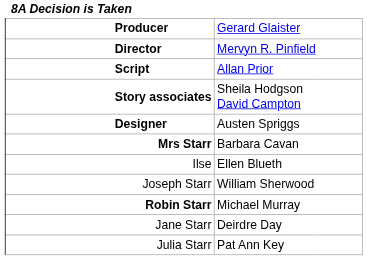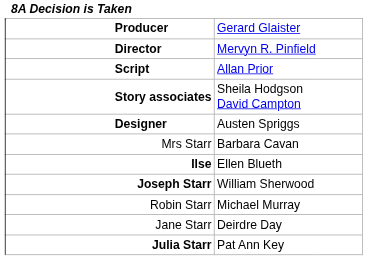 <table class="wikitable mw-collapsible mw-collapsed" style="vertical-align:top;margin:auto 2em;line-height:1.2;min-width:33em;display: inline-table;background-color:inherit;border:none;">
 <tr>
 <td class=unsortable style="border:hidden;line-height:1.67;text-align:center;margin-left:-1em;padding-left:0.5em;min-width:1.0em;"></td>
 <td class=unsortable style="border:none;padding-left:0.5em;text-align:left;min-width:16.5em;font-weight:700;font-style:italic;">8A Decision is Taken</td>
 <td class=unsortable style="border:none;text-align:right;font-weight:normal;font-family:Courier;font-size:95%;letter-spacing:-1pt;min-width:8.5em;padding-right:0.2em;"></td>
 <td class=unsortable style="border:hidden;min-width:3.5em;padding-left:0;"></td>
 <td class=unsortable style="border:hidden;min-width:3.5em;font-size:95%;"></td>
 </tr>
 <tr>
 <td rowspan=100 style="border:none thin;border-right-style :solid;"></td>
 </tr>
 <tr>
 <td style="text-align:left;padding-left:9.0em;font-weight:bold;">Producer</td>
 <td colspan=2><a href='#'>Gerard Glaister</a></td>
 </tr>
 <tr>
 <td style="text-align:left;padding-left:9.0em;font-weight:bold;">Director</td>
 <td colspan=2><a href='#'>Mervyn R. Pinfield</a></td>
 </tr>
 <tr>
 <td style="text-align:left;padding-left:9.0em;font-weight:bold;">Script</td>
 <td colspan=2><a href='#'>Allan Prior</a></td>
 </tr>
 <tr>
 <td style="text-align:left;padding-left:9.0em;font-weight:bold;">Story associates</td>
 <td colspan=2>Sheila Hodgson<br><a href='#'>David Campton</a></td>
 </tr>
 <tr>
 <td style="text-align:left;padding-left:9.0em;font-weight:bold;">Designer</td>
 <td colspan=2>Austen Spriggs</td>
 </tr>
 <tr>
-<td style="text-align:right;"><strong>Mrs Starr</strong></td>
+<td style="text-align:right;">Mrs Starr</td>
 <td colspan=2>Barbara Cavan</td>
 </tr>
 <tr>
-<td style="text-align:right;">Ilse</td>
+<td style="text-align:right;"><strong>Ilse</strong></td>
 <td colspan=2>Ellen Blueth</td>
 </tr>
 <tr>
-<td style="text-align:right;">Joseph Starr</td>
+<td style="text-align:right;"><strong>Joseph Starr</strong></td>
 <td colspan=2>William Sherwood</td>
 </tr>
 <tr>
-<td style="text-align:right;"><strong>Robin Starr</strong></td>
+<td style="text-align:right;">Robin Starr</td>
 <td colspan=2>Michael Murray</td>
 </tr>
 <tr>
 <td style="text-align:right;">Jane Starr</td>
 <td colspan=2>Deirdre Day</td>
 </tr>
 <tr>
-<td style="text-align:right;">Julia Starr</td>
+<td style="text-align:right;"><strong>Julia Starr</strong></td>
 <td colspan=2>Pat Ann Key</td>
 </tr>
 </table>
